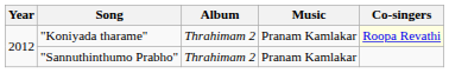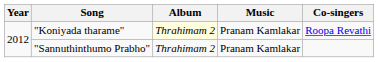 <table class = "sortable wikitable">
 <tr>
 <th>Year</th>
 <th>Song</th>
 <th>Album</th>
 <th>Music</th>
 <th>Co-singers</th>
 </tr>
 <tr>
 <td rowspan="2">2012</td>
 <td>"Koniyada tharame"</td>
-<td><em>Thrahimam 2</em></td>
+<td style="background: lightyellow;"><em>Thrahimam 2</em></td>
 <td>Pranam Kamlakar</td>
-<td style="background: lightyellow;"><a href='#'>Roopa Revathi</a></td>
+<td><a href='#'>Roopa Revathi</a></td>
 </tr>
 <tr>
 <td>"Sannuthinthumo Prabho"</td>
 <td><em>Thrahimam 2</em></td>
 <td>Pranam Kamlakar</td>
 <td></td>
 </tr>
 </table>
